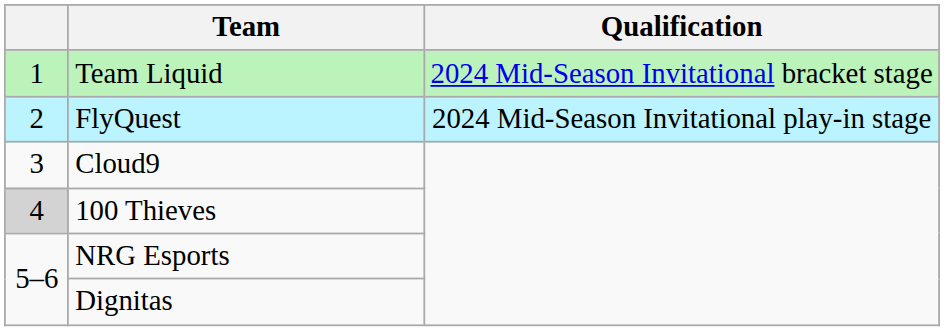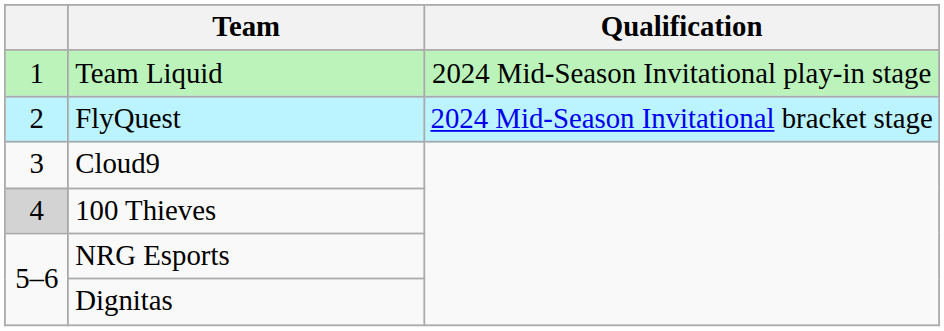 <table class="wikitable" style="text-align:center">
 <tr>
 <th width=28></th>
 <th width=190>Team</th>
 <th>Qualification</th>
 </tr>
 <tr style="background-color:#BBF3BB;">
 <td>1</td>
 <td style="text-align:left">Team Liquid</td>
-<td><a href='#'>2024 Mid-Season Invitational</a> bracket stage</td>
+<td>2024 Mid-Season Invitational play-in stage</td>
 </tr>
 <tr style="background-color:#BBF3FF;">
 <td>2</td>
 <td style="text-align:left">FlyQuest</td>
-<td>2024 Mid-Season Invitational play-in stage</td>
+<td><a href='#'>2024 Mid-Season Invitational</a> bracket stage</td>
 </tr>
 <tr>
 <td>3</td>
 <td style="text-align:left">Cloud9</td>
 <td rowspan="4"></td>
 </tr>
 <tr>
 <td style="background: lightgrey;">4</td>
 <td style="text-align:left">100 Thieves</td>
 </tr>
 <tr>
 <td rowspan="2">5–6</td>
 <td style="text-align:left">NRG Esports</td>
 </tr>
 <tr>
 <td style="text-align:left">Dignitas</td>
 </tr>
 </table>
